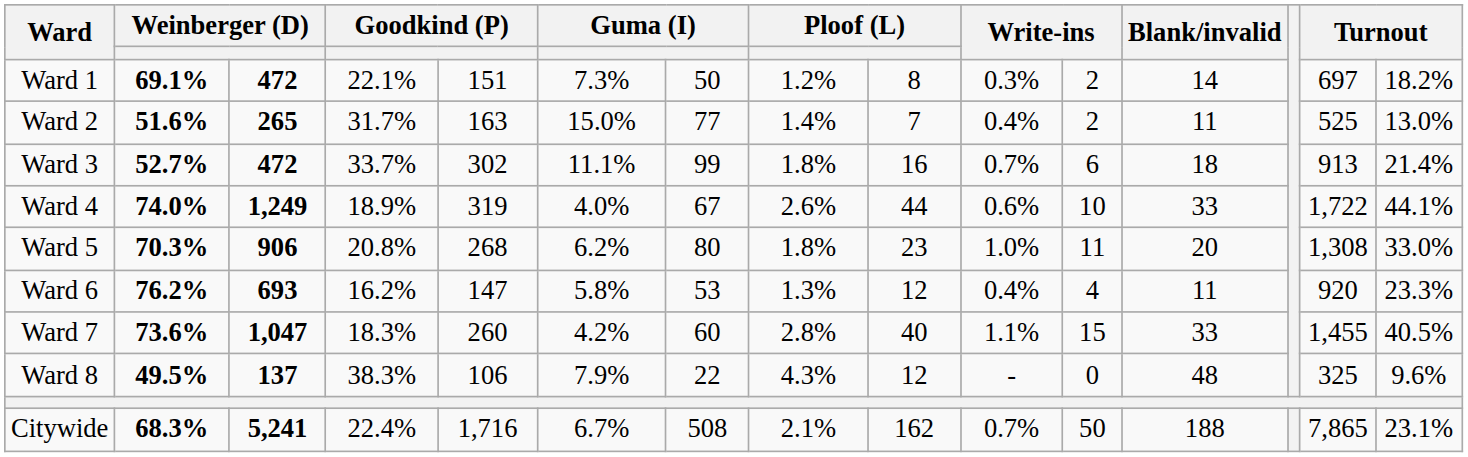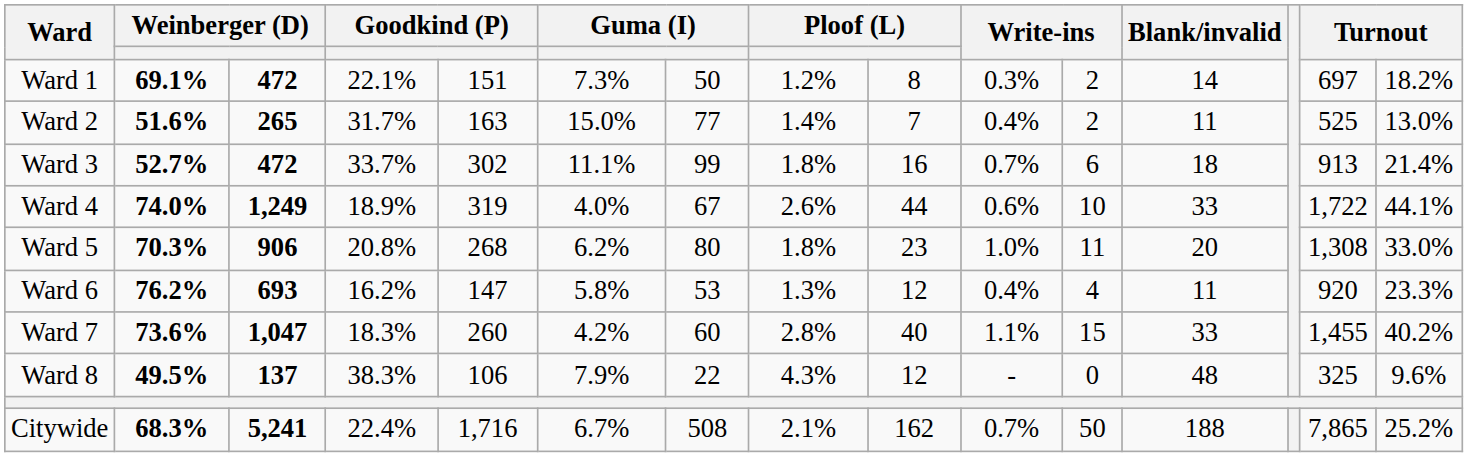 <table class="wikitable">
 <tr>
 <th rowspan="2" width="20px">Ward</th>
 <th colspan="2" width="120px">Weinberger (D)</th>
 <th colspan="2" width="120px">Goodkind (P)</th>
 <th colspan="2" width="120px">Guma (I)</th>
 <th colspan="2" width="120px">Ploof (L)</th>
 <th colspan="2" rowspan="2" width="90px">Write-ins</th>
 <th rowspan="2" width="60px" style="line-height:14px">Blank/invalid</th>
 <th rowspan="10"></th>
 <th colspan="2" rowspan="2" width="90px">Turnout</th>
 </tr>
 <tr>
 <th colspan="2" style="background-color:"></th>
 <th colspan="2" style="background-color:"></th>
 <th colspan="2" style="background-color:"></th>
 <th colspan="2" style="background-color:"></th>
 </tr>
 <tr>
 <td align="center" >Ward 1</td>
 <td align="center"><strong>69.1%</strong></td>
 <td align="center"><strong>472</strong></td>
 <td align="center">22.1%</td>
 <td align="center">151</td>
 <td align="center">7.3%</td>
 <td align="center">50</td>
 <td align="center">1.2%</td>
 <td align="center">8</td>
 <td align="center">0.3%</td>
 <td align="center">2</td>
 <td align="center">14</td>
 <td align="center">697</td>
 <td align="center">18.2%</td>
 </tr>
 <tr>
 <td align="center" >Ward 2</td>
 <td align="center"><strong>51.6%</strong></td>
 <td align="center"><strong>265</strong></td>
 <td align="center">31.7%</td>
 <td align="center">163</td>
 <td align="center">15.0%</td>
 <td align="center">77</td>
 <td align="center">1.4%</td>
 <td align="center">7</td>
 <td align="center">0.4%</td>
 <td align="center">2</td>
 <td align="center">11</td>
 <td align="center">525</td>
 <td align="center">13.0%</td>
 </tr>
 <tr>
 <td align="center" >Ward 3</td>
 <td align="center"><strong>52.7%</strong></td>
 <td align="center"><strong>472</strong></td>
 <td align="center">33.7%</td>
 <td align="center">302</td>
 <td align="center">11.1%</td>
 <td align="center">99</td>
 <td align="center">1.8%</td>
 <td align="center">16</td>
 <td align="center">0.7%</td>
 <td align="center">6</td>
 <td align="center">18</td>
 <td align="center">913</td>
 <td align="center">21.4%</td>
 </tr>
 <tr>
 <td align="center" >Ward 4</td>
 <td align="center"><strong>74.0%</strong></td>
 <td align="center"><strong>1,249</strong></td>
 <td align="center">18.9%</td>
 <td align="center">319</td>
 <td align="center">4.0%</td>
 <td align="center">67</td>
 <td align="center">2.6%</td>
 <td align="center">44</td>
 <td align="center">0.6%</td>
 <td align="center">10</td>
 <td align="center">33</td>
 <td align="center">1,722</td>
 <td align="center">44.1%</td>
 </tr>
 <tr>
 <td align="center" >Ward 5</td>
 <td align="center"><strong>70.3%</strong></td>
 <td align="center"><strong>906</strong></td>
 <td align="center">20.8%</td>
 <td align="center">268</td>
 <td align="center">6.2%</td>
 <td align="center">80</td>
 <td align="center">1.8%</td>
 <td align="center">23</td>
 <td align="center">1.0%</td>
 <td align="center">11</td>
 <td align="center">20</td>
 <td align="center">1,308</td>
 <td align="center">33.0%</td>
 </tr>
 <tr>
 <td align="center" >Ward 6</td>
 <td align="center"><strong>76.2%</strong></td>
 <td align="center"><strong>693</strong></td>
 <td align="center">16.2%</td>
 <td align="center">147</td>
 <td align="center">5.8%</td>
 <td align="center">53</td>
 <td align="center">1.3%</td>
 <td align="center">12</td>
 <td align="center">0.4%</td>
 <td align="center">4</td>
 <td align="center">11</td>
 <td align="center">920</td>
 <td align="center">23.3%</td>
 </tr>
 <tr>
 <td align="center" >Ward 7</td>
 <td align="center"><strong>73.6%</strong></td>
 <td align="center"><strong>1,047</strong></td>
 <td align="center">18.3%</td>
 <td align="center">260</td>
 <td align="center">4.2%</td>
 <td align="center">60</td>
 <td align="center">2.8%</td>
 <td align="center">40</td>
 <td align="center">1.1%</td>
 <td align="center">15</td>
 <td align="center">33</td>
 <td align="center">1,455</td>
-<td align="center">40.5%</td>
+<td align="center">40.2%</td>
 </tr>
 <tr>
 <td align="center" >Ward 8</td>
 <td align="center"><strong>49.5%</strong></td>
 <td align="center"><strong>137</strong></td>
 <td align="center">38.3%</td>
 <td align="center">106</td>
 <td align="center">7.9%</td>
 <td align="center">22</td>
 <td align="center">4.3%</td>
 <td align="center">12</td>
 <td align="center">-</td>
 <td align="center">0</td>
 <td align="center">48</td>
 <td align="center">325</td>
 <td align="center">9.6%</td>
 </tr>
 <tr>
 <th colspan="15"></th>
 </tr>
 <tr>
 <td align="center" >Citywide</td>
 <td align="center"><strong>68.3%</strong></td>
 <td align="center"><strong>5,241</strong></td>
 <td align="center">22.4%</td>
 <td align="center">1,716</td>
 <td align="center">6.7%</td>
 <td align="center">508</td>
 <td align="center">2.1%</td>
 <td align="center">162</td>
 <td align="center">0.7%</td>
 <td align="center">50</td>
 <td align="center">188</td>
 <th></th>
 <td align="center">7,865</td>
-<td align="center">23.1%</td>
+<td align="center">25.2%</td>
 </tr>
 </table>
